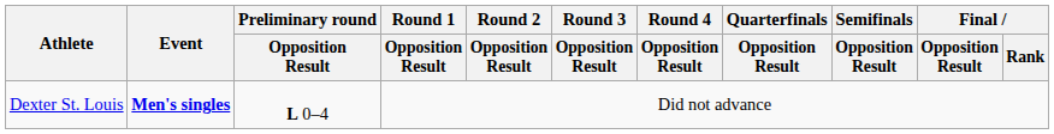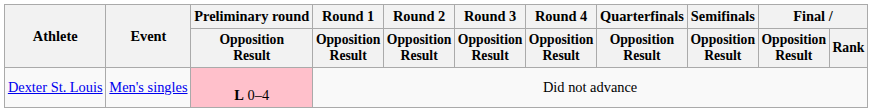 <table class="wikitable" style="font-size:90%">
 <tr>
 <th rowspan="2">Athlete</th>
 <th rowspan="2">Event</th>
 <th>Preliminary round</th>
 <th>Round 1</th>
 <th>Round 2</th>
 <th>Round 3</th>
 <th>Round 4</th>
 <th>Quarterfinals</th>
 <th>Semifinals</th>
 <th colspan=2>Final / </th>
 </tr>
 <tr style="font-size:95%">
 <th>Opposition<br>Result</th>
 <th>Opposition<br>Result</th>
 <th>Opposition<br>Result</th>
 <th>Opposition<br>Result</th>
 <th>Opposition<br>Result</th>
 <th>Opposition<br>Result</th>
 <th>Opposition<br>Result</th>
 <th>Opposition<br>Result</th>
 <th>Rank</th>
 </tr>
 <tr align=center>
 <td align=left><a href='#'>Dexter St. Louis</a></td>
-<td align=left><strong><a href='#'>Men's singles</a></strong></td>
-<td><br><strong>L</strong> 0–4</td>
+<td align=left><a href='#'>Men's singles</a></td>
+<td style="background: pink;"><br><strong>L</strong> 0–4</td>
 <td colspan=8>Did not advance</td>
 </tr>
 </table>
